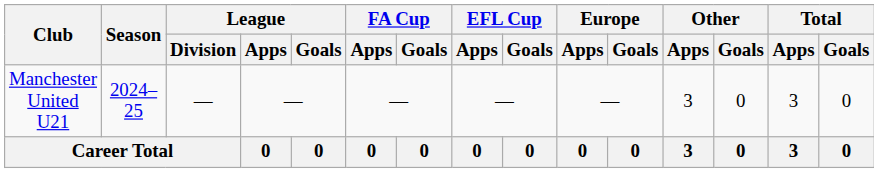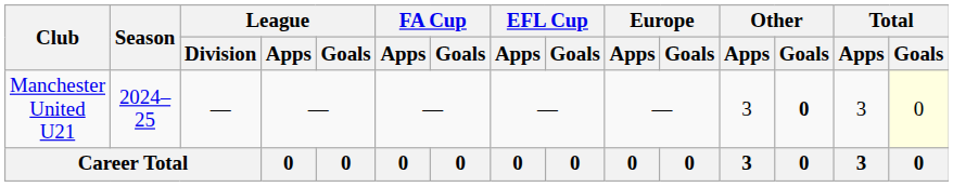 <table class="wikitable" style="text-align: center;">
 <tr>
 <th rowspan="2">Club</th>
 <th rowspan="2">Season</th>
 <th colspan="3">League</th>
 <th colspan="2"><a href='#'>FA Cup</a></th>
 <th colspan="2"><a href='#'>EFL Cup</a></th>
 <th colspan="2">Europe</th>
 <th colspan="2">Other</th>
 <th colspan="2">Total</th>
 </tr>
 <tr>
 <th>Division</th>
 <th>Apps</th>
 <th>Goals</th>
 <th>Apps</th>
 <th>Goals</th>
 <th>Apps</th>
 <th>Goals</th>
 <th>Apps</th>
 <th>Goals</th>
 <th>Apps</th>
 <th>Goals</th>
 <th>Apps</th>
 <th>Goals</th>
 </tr>
 <tr>
 <td><a href='#'>Manchester United U21</a></td>
 <td><a href='#'>2024–25</a></td>
 <td>—</td>
 <td colspan="2">—</td>
 <td colspan="2">—</td>
 <td colspan="2">—</td>
 <td colspan="2">—</td>
 <td>3</td>
-<td>0</td>
+<td><strong>0</strong></td>
 <td>3</td>
-<td>0</td>
+<td style="background: lightyellow;">0</td>
 </tr>
 <tr>
 <th colspan="3">Career Total</th>
 <th>0</th>
 <th>0</th>
 <th>0</th>
 <th>0</th>
 <th>0</th>
 <th>0</th>
 <th>0</th>
 <th>0</th>
 <th>3</th>
 <th>0</th>
 <th>3</th>
 <th>0</th>
 </tr>
 </table>
